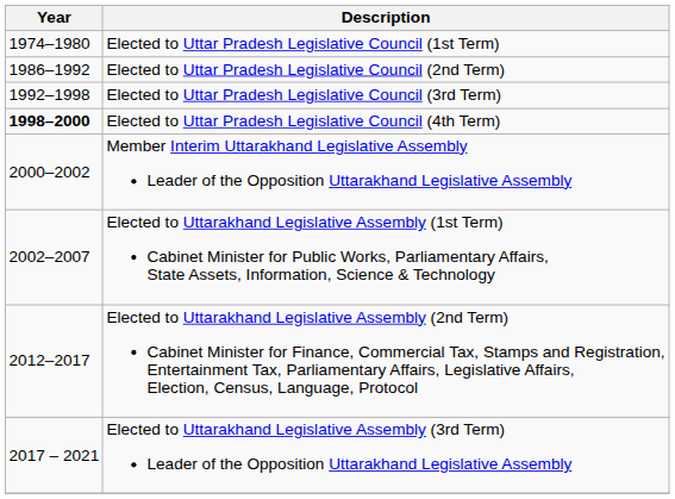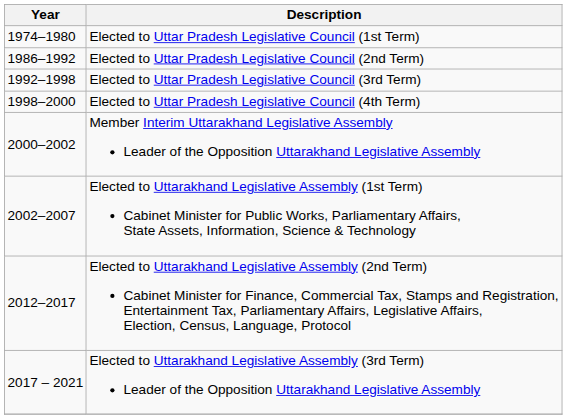 <table class="wikitable">
 <tr>
 <th>Year</th>
 <th>Description</th>
 </tr>
 <tr>
 <td>1974–1980</td>
 <td>Elected to <a href='#'>Uttar Pradesh Legislative Council</a> (1st Term)</td>
 </tr>
 <tr>
 <td>1986–1992</td>
 <td>Elected to <a href='#'>Uttar Pradesh Legislative Council</a> (2nd Term)</td>
 </tr>
 <tr>
 <td>1992–1998</td>
 <td>Elected to <a href='#'>Uttar Pradesh Legislative Council</a> (3rd Term)</td>
 </tr>
 <tr>
-<td><strong>1998–2000</strong></td>
+<td>1998–2000</td>
 <td>Elected to <a href='#'>Uttar Pradesh Legislative Council</a> (4th Term)</td>
 </tr>
 <tr>
 <td>2000–2002</td>
 <td>Member <a href='#'>Interim Uttarakhand Legislative Assembly</a><br><ul><li>Leader of the Opposition <a href='#'>Uttarakhand Legislative Assembly</a></li></ul></td>
 </tr>
 <tr>
 <td>2002–2007</td>
 <td>Elected to <a href='#'>Uttarakhand Legislative Assembly</a> (1st Term)<br><ul><li>Cabinet Minister for Public Works, Parliamentary Affairs, <br>State Assets, Information, Science & Technology</li></ul></td>
 </tr>
 <tr>
 <td>2012–2017</td>
 <td>Elected to <a href='#'>Uttarakhand Legislative Assembly</a> (2nd Term)<br><ul><li>Cabinet Minister for Finance, Commercial Tax, Stamps and Registration, <br>Entertainment Tax, Parliamentary Affairs, Legislative Affairs, <br>Election, Census, Language, Protocol</li></ul></td>
 </tr>
 <tr>
 <td>2017 – 2021</td>
 <td>Elected to <a href='#'>Uttarakhand Legislative Assembly</a> (3rd Term)<br><ul><li>Leader of the Opposition <a href='#'>Uttarakhand Legislative Assembly</a></li></ul></td>
 </tr>
 <tr>
 </tr>
 </table>
